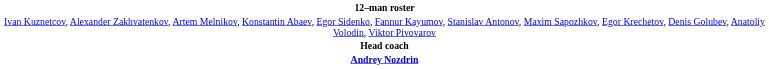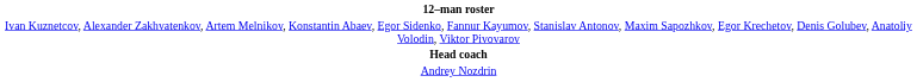 <table style="text-align:center; margin-top:2em; margin-left:auto; margin-right:auto">
 <tr>
 <td><strong>12–man roster</strong></td>
 </tr>
 <tr>
 <td><a href='#'>Ivan Kuznetcov</a>, <a href='#'>Alexander Zakhvatenkov</a>, <a href='#'>Artem Melnikov</a>, <a href='#'>Konstantin Abaev</a>, <a href='#'>Egor Sidenko</a>, <a href='#'>Fannur Kayumov</a>, <a href='#'>Stanislav Antonov</a>, <a href='#'>Maxim Sapozhkov</a>, <a href='#'>Egor Krechetov</a>, <a href='#'>Denis Golubev</a>, <a href='#'>Anatoliy Volodin</a>, <a href='#'>Viktor Pivovarov</a></td>
 </tr>
 <tr>
 <td><strong>Head coach</strong></td>
 </tr>
 <tr>
-<td><strong><a href='#'>Andrey Nozdrin</a></strong></td>
+<td><a href='#'>Andrey Nozdrin</a></td>
 </tr>
 </table>
